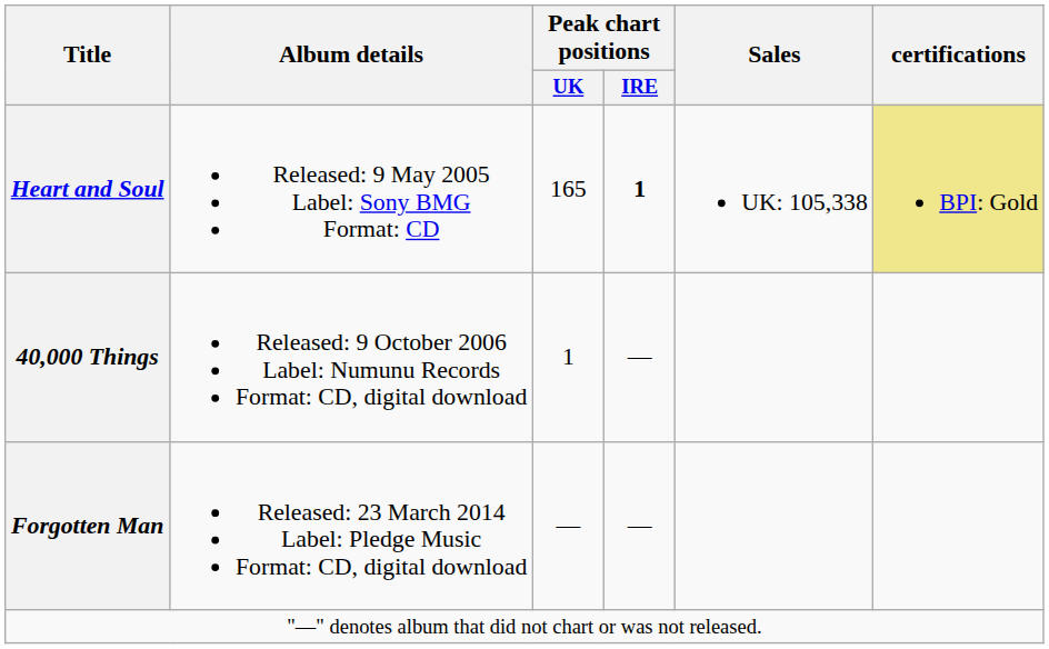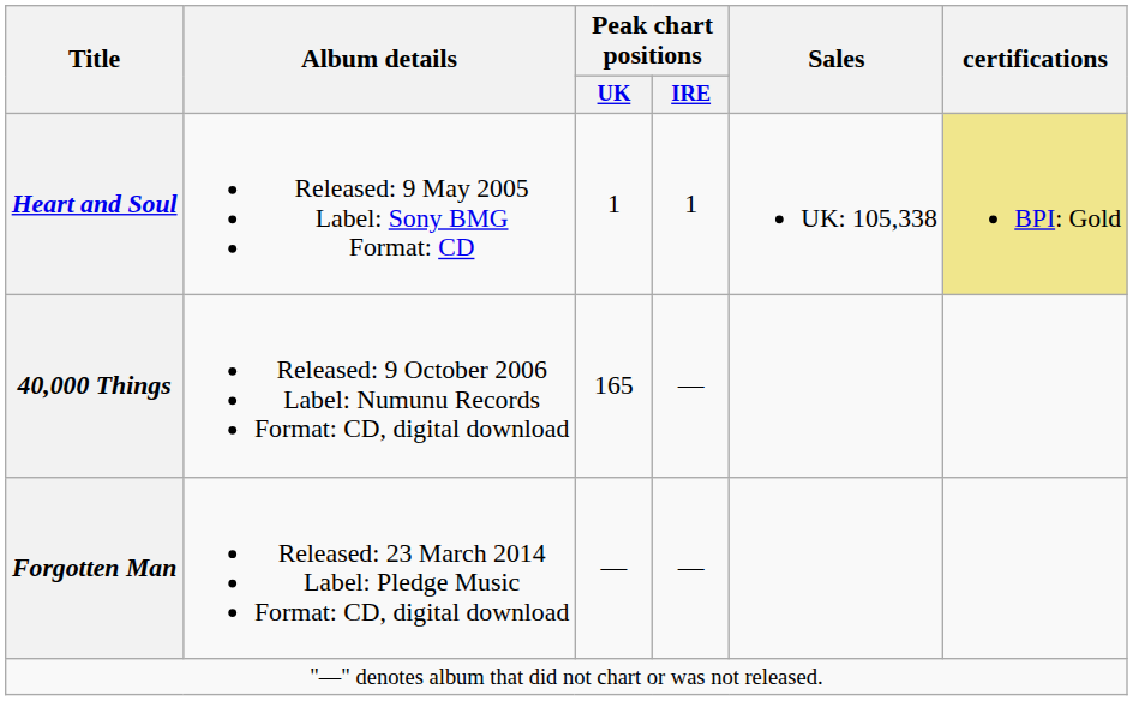 <table class="wikitable plainrowheaders" style="text-align:center;">
 <tr>
 <th scope="col" rowspan="2">Title</th>
 <th scope="col" rowspan="2">Album details</th>
 <th scope="col" colspan="2">Peak chart positions</th>
 <th scope="col" rowspan="2">Sales</th>
 <th scope="col" rowspan="2">certifications</th>
 </tr>
 <tr>
 <th scope="col" style="width:3em;font-size:85%;"><a href='#'>UK</a><br></th>
 <th scope="col" style="width:3em;font-size:85%;"><a href='#'>IRE</a><br></th>
 </tr>
 <tr>
 <th scope="row"><em><a href='#'>Heart and Soul</a></em></th>
 <td><br><ul><li>Released: 9 May 2005</li><li>Label: <a href='#'>Sony BMG</a></li><li>Format: <a href='#'>CD</a></li></ul></td>
-<td>165</td>
-<td><strong>1</strong></td>
+<td>1</td>
+<td>1</td>
 <td><br><ul><li>UK: 105,338</li></ul></td>
 <td style="background: khaki;"><br><ul><li><a href='#'>BPI</a>: Gold</li></ul></td>
 </tr>
 <tr>
 <th scope="row"><em>40,000 Things</em></th>
 <td><br><ul><li>Released: 9 October 2006</li><li>Label: Numunu Records</li><li>Format: CD, digital download</li></ul></td>
-<td>1</td>
+<td>165</td>
 <td>—</td>
 <td></td>
 <td></td>
 </tr>
 <tr>
 <th scope="row"><em>Forgotten Man</em></th>
 <td><br><ul><li>Released: 23 March 2014</li><li>Label: Pledge Music</li><li>Format: CD, digital download</li></ul></td>
 <td>—</td>
 <td>—</td>
 <td></td>
 <td></td>
 </tr>
 <tr>
 <td colspan="18" style="font-size:85%">"—" denotes album that did not chart or was not released.</td>
 </tr>
 </table>
